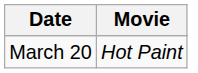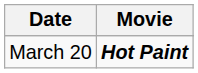 <table class="wikitable plainrowheaders">
 <tr>
 <th scope="col">Date</th>
 <th scope="col">Movie</th>
 </tr>
 <tr>
 </tr>
 <tr>
 <td>March 20</td>
-<td><em>Hot Paint</em></td>
+<td><strong><em>Hot Paint</em></strong></td>
 </tr>
 </table>
